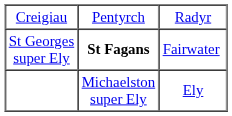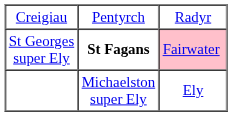 <table border=1 cellpadding=3 cellspacing=0 align=center style="text-align:center;">
 <tr>
 <td><a href='#'>Creigiau</a></td>
 <td><a href='#'>Pentyrch</a></td>
 <td><a href='#'>Radyr</a></td>
 </tr>
 <tr>
 <td><a href='#'>St Georges<br>super Ely</a></td>
 <td><strong>St Fagans</strong></td>
-<td><a href='#'>Fairwater</a> </td>
+<td style="background: pink;"><a href='#'>Fairwater</a> </td>
 </tr>
 <tr>
 <td></td>
 <td><a href='#'>Michaelston<br>super Ely</a></td>
 <td><a href='#'>Ely</a></td>
 </tr>
 </table>
